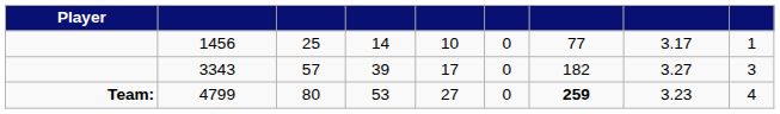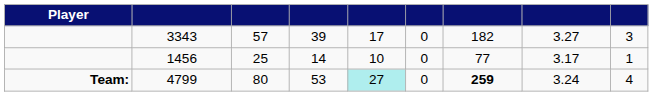 <table class="wikitable sortable" style="width:60%; text-align:center;">
 <tr>
 <th style="color:white; background:#081073; ">Player</th>
 <th style="color:white; background:#081073; "></th>
 <th style="color:white; background:#081073; "></th>
 <th style="color:white; background:#081073; "></th>
 <th style="color:white; background:#081073; "></th>
 <th style="color:white; background:#081073; "></th>
 <th style="color:white; background:#081073; "></th>
 <th style="color:white; background:#081073; "></th>
 <th style="color:white; background:#081073; "></th>
 </tr>
 <tr align="center">
 <td align="right"></td>
+<td>3343</td>
+<td>57</td>
+<td>39</td>
+<td>17</td>
+<td>0</td>
+<td>182</td>
+<td>3.27</td>
+<td>3</td>
+</tr>
+<tr align="center">
+<td align="right"></td>
 <td>1456</td>
 <td>25</td>
 <td>14</td>
 <td>10</td>
 <td>0</td>
 <td>77</td>
 <td>3.17</td>
 <td>1</td>
 </tr>
 <tr align="center">
-<td align="right"></td>
-<td>3343</td>
-<td>57</td>
-<td>39</td>
-<td>17</td>
-<td>0</td>
-<td>182</td>
-<td>3.27</td>
-<td>3</td>
-</tr>
-<tr align="center">
 <td align="right"><strong>Team:</strong></td>
 <td>4799</td>
 <td>80</td>
 <td>53</td>
-<td>27</td>
+<td style="background: paleturquoise;">27</td>
 <td>0</td>
 <td><strong>259</strong></td>
-<td>3.23</td>
+<td>3.24</td>
 <td>4</td>
 </tr>
 </table>
